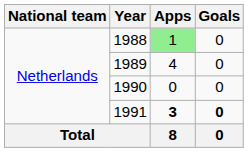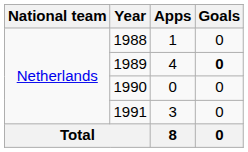 <table class="wikitable" style="text-align:center">
 <tr>
 <th>National team</th>
 <th>Year</th>
 <th>Apps</th>
 <th>Goals</th>
 </tr>
 <tr>
 <td rowspan="4"><a href='#'>Netherlands</a></td>
 <td>1988</td>
-<td style="background: lightgreen;">1</td>
+<td>1</td>
 <td>0</td>
 </tr>
 <tr>
 <td>1989</td>
 <td>4</td>
-<td>0</td>
+<td><strong>0</strong></td>
 </tr>
 <tr>
 <td>1990</td>
 <td>0</td>
 <td>0</td>
 </tr>
 <tr>
 <td>1991</td>
-<td><strong>3</strong></td>
-<td><strong>0</strong></td>
+<td>3</td>
+<td>0</td>
 </tr>
 <tr>
 <th colspan="2">Total</th>
 <th>8</th>
 <th>0</th>
 </tr>
 </table>
